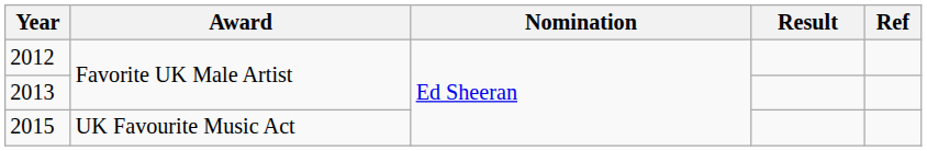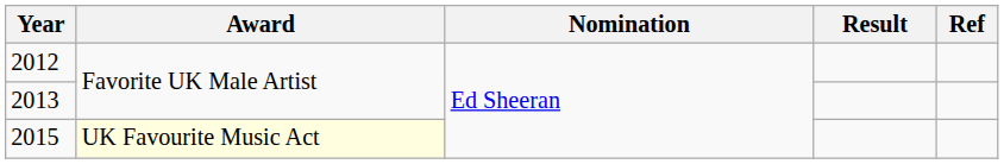 <table class="wikitable" style="max-width:75%;">
 <tr>
 <th width=5%>Year</th>
 <th style="width:30%;">Award</th>
 <th style="width:30%;">Nomination</th>
 <th style="width:10%;">Result</th>
 <th style="width:5%;">Ref</th>
 </tr>
 <tr>
 <td>2012</td>
 <td rowspan="2">Favorite UK Male Artist</td>
 <td rowspan="3"><a href='#'>Ed Sheeran</a></td>
 <td></td>
 <td></td>
 </tr>
 <tr>
 <td>2013</td>
 <td></td>
 <td></td>
 </tr>
 <tr>
 <td>2015</td>
-<td>UK Favourite Music Act</td>
+<td style="background: lightyellow;">UK Favourite Music Act</td>
 <td></td>
 <td></td>
 </tr>
 </table>
